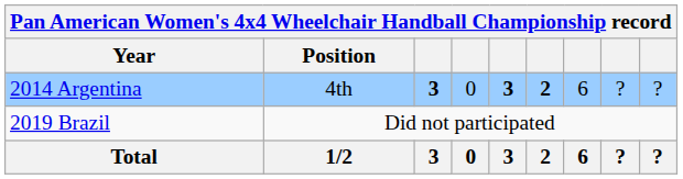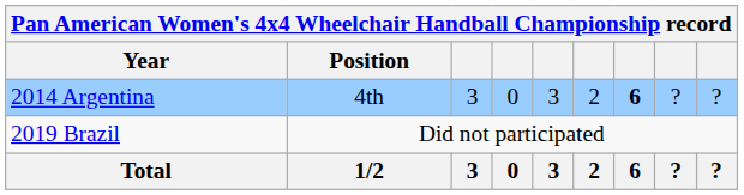 <table class="wikitable" style="text-align: center;">
 <tr>
 <th colspan=10><a href='#'>Pan American Women's 4x4 Wheelchair Handball Championship</a> record</th>
 </tr>
 <tr>
 <th>Year</th>
 <th>Position</th>
 <th></th>
 <th></th>
 <th></th>
 <th></th>
 <th></th>
 <th></th>
 <th></th>
 </tr>
 <tr style="background:#9acdff">
 <td align=left> <a href='#'>2014 Argentina</a></td>
 <td>4th</td>
-<td><strong>3</strong></td>
+<td>3</td>
 <td>0</td>
-<td><strong>3</strong></td>
-<td><strong>2</strong></td>
-<td>6</td>
+<td>3</td>
+<td>2</td>
+<td><strong>6</strong></td>
 <td>?</td>
 <td>?</td>
 </tr>
 <tr>
 <td align=left> <a href='#'>2019 Brazil</a></td>
 <td colspan="8">Did not participated</td>
 </tr>
 <tr>
 <th>Total</th>
 <th>1/2</th>
 <th>3</th>
 <th>0</th>
 <th>3</th>
 <th>2</th>
 <th>6</th>
 <th>?</th>
 <th>?</th>
 </tr>
 </table>
